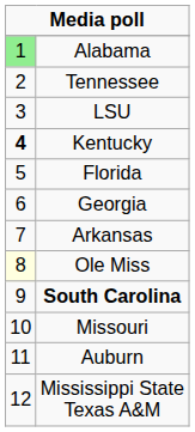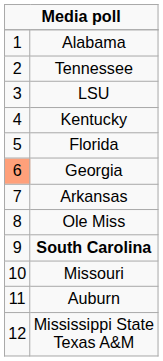 <table class="wikitable">
 <tr align="center">
 <td align="center" Colspan="3"><strong>Media poll</strong></td>
 </tr>
 <tr align="center">
 </tr>
 <tr align="center">
-<td style="background: lightgreen;">1</td>
+<td>1</td>
 <td>Alabama</td>
 </tr>
 <tr align="center">
 <td>2</td>
 <td>Tennessee</td>
 </tr>
 <tr align="center">
 <td>3</td>
 <td>LSU</td>
 </tr>
 <tr align="center">
-<td><strong>4</strong></td>
+<td>4</td>
 <td>Kentucky</td>
 </tr>
 <tr align="center">
 <td>5</td>
 <td>Florida</td>
 </tr>
 <tr align="center">
-<td>6</td>
+<td style="background: lightsalmon;">6</td>
 <td>Georgia</td>
 </tr>
 <tr align="center">
 <td>7</td>
 <td>Arkansas</td>
 </tr>
 <tr align="center">
-<td style="background: lightyellow;">8</td>
+<td>8</td>
 <td>Ole Miss</td>
 </tr>
 <tr align="center">
 <td>9</td>
 <td><strong>South Carolina</strong></td>
 </tr>
 <tr align="center">
 <td>10</td>
 <td>Missouri</td>
 </tr>
 <tr align="center">
 <td>11</td>
 <td>Auburn</td>
 </tr>
 <tr align="center">
 <td>12</td>
 <td>Mississippi State<br>Texas A&M</td>
 </tr>
 </table>
